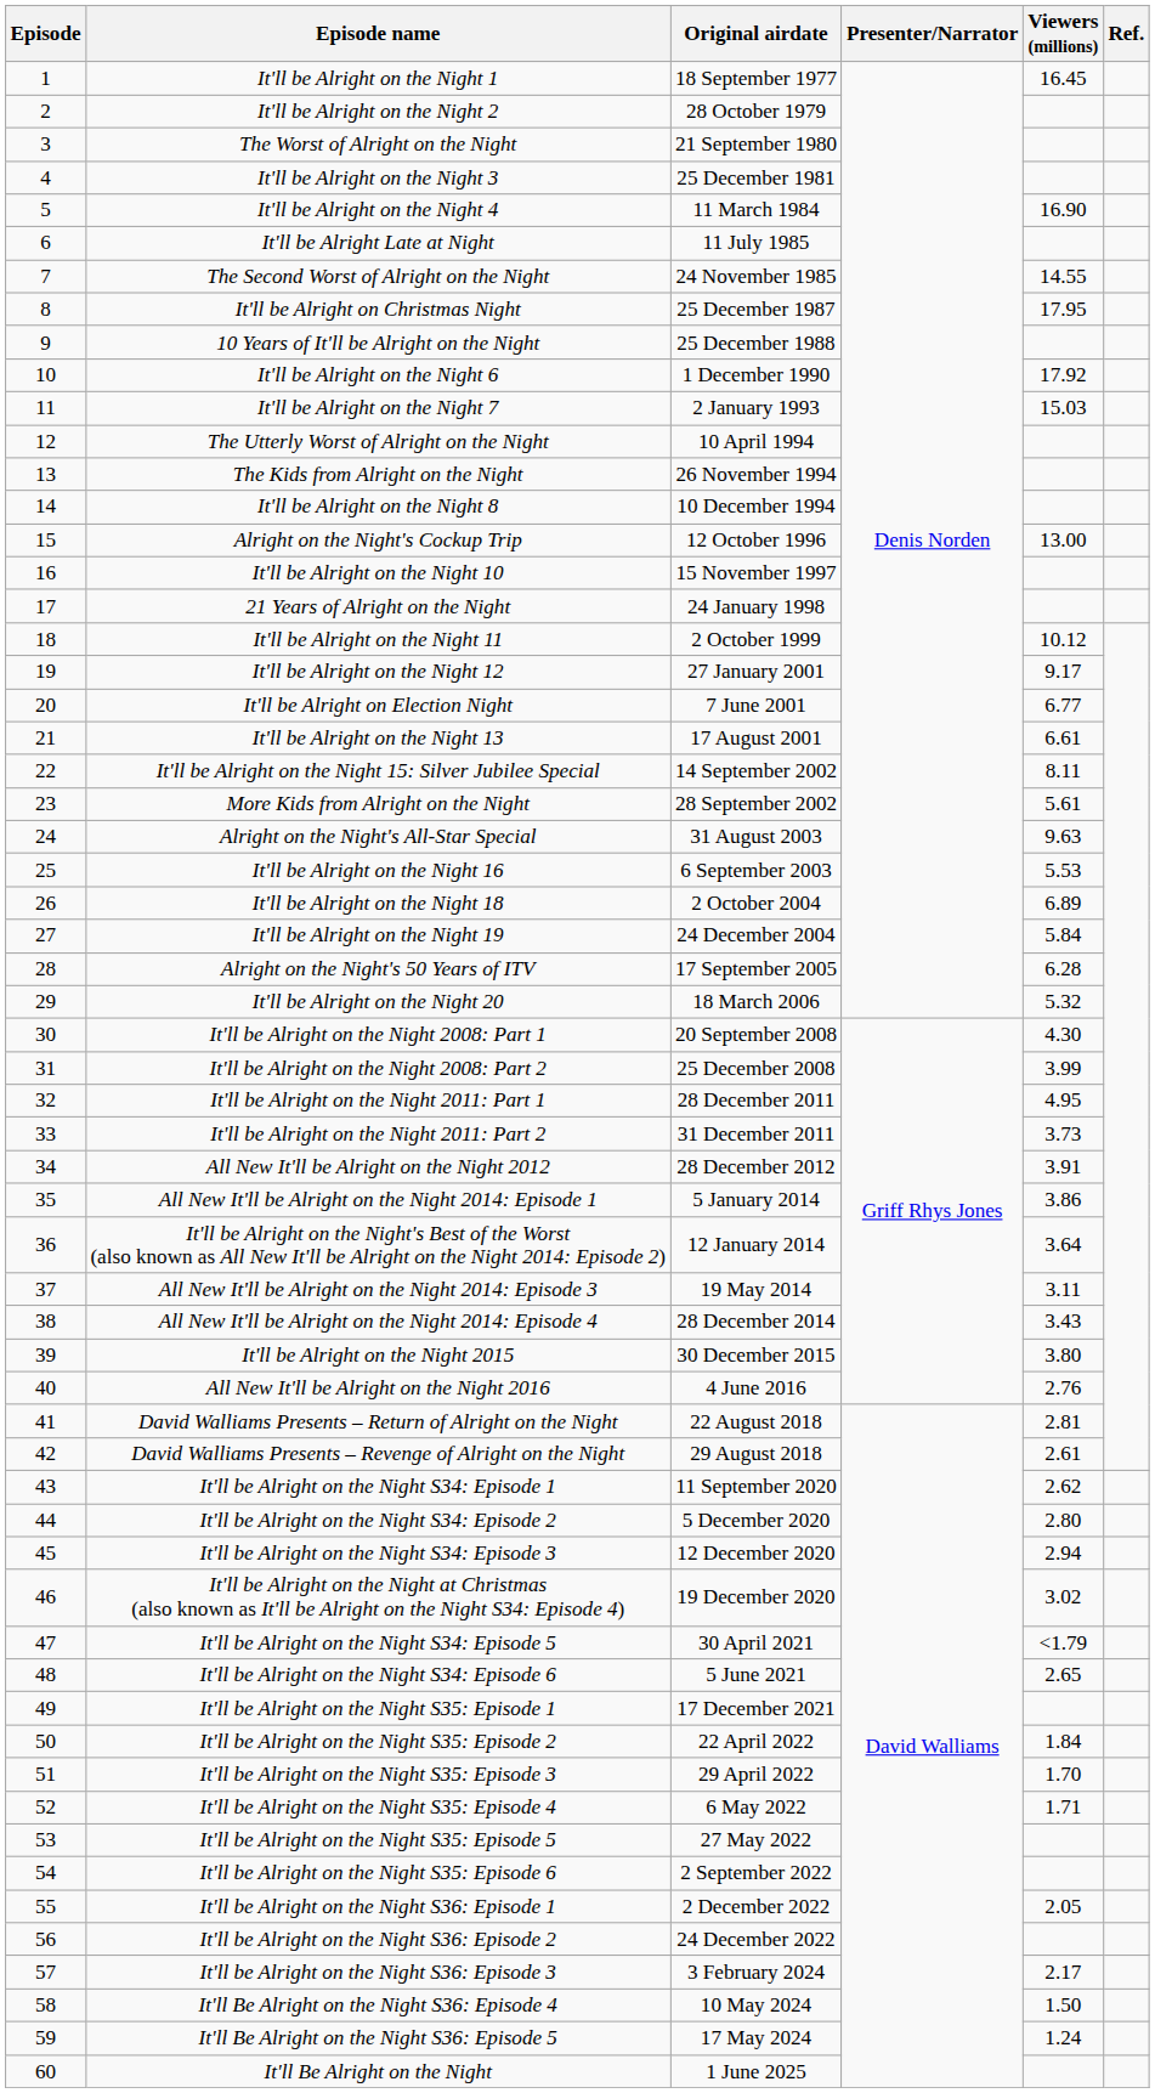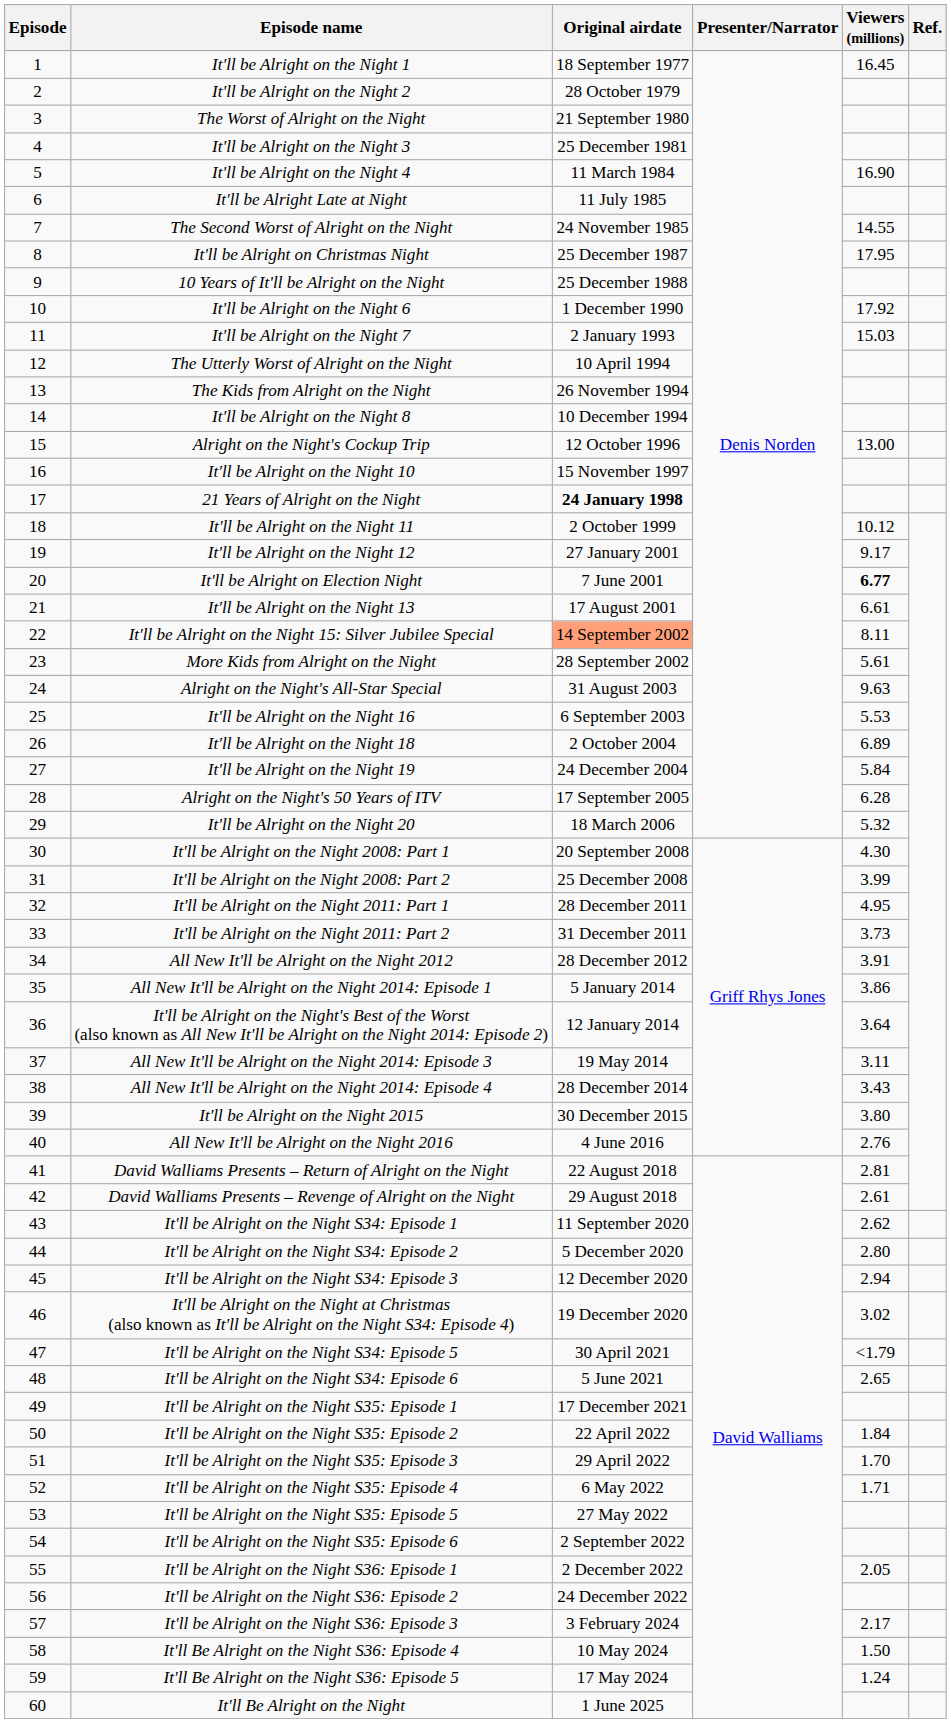 <table class="wikitable" style="text-align:center">
 <tr>
 <th>Episode</th>
 <th>Episode name</th>
 <th>Original airdate</th>
 <th>Presenter/Narrator</th>
 <th>Viewers<br><small>(millions)</small></th>
 <th>Ref.</th>
 </tr>
 <tr>
 <td>1</td>
 <td><em>It'll be Alright on the Night 1</em></td>
 <td>18 September 1977</td>
 <td rowspan="29"><a href='#'>Denis Norden</a></td>
 <td>16.45</td>
 <td align="center"></td>
 </tr>
 <tr>
 <td>2</td>
 <td><em>It'll be Alright on the Night 2</em></td>
 <td>28 October 1979</td>
 <td></td>
 <td></td>
 </tr>
 <tr>
 <td>3</td>
 <td><em>The Worst of Alright on the Night</em></td>
 <td>21 September 1980</td>
 <td></td>
 <td></td>
 </tr>
 <tr>
 <td>4</td>
 <td><em>It'll be Alright on the Night 3</em></td>
 <td>25 December 1981</td>
 <td></td>
 <td></td>
 </tr>
 <tr>
 <td>5</td>
 <td><em>It'll be Alright on the Night 4</em></td>
 <td>11 March 1984</td>
 <td>16.90</td>
 <td align="center"></td>
 </tr>
 <tr>
 <td>6</td>
 <td><em>It'll be Alright Late at Night</em></td>
 <td>11 July 1985</td>
 <td></td>
 <td></td>
 </tr>
 <tr>
 <td>7</td>
 <td><em>The Second Worst of Alright on the Night</em></td>
 <td>24 November 1985</td>
 <td>14.55</td>
 <td></td>
 </tr>
 <tr>
 <td>8</td>
 <td><em>It'll be Alright on Christmas Night</em></td>
 <td>25 December 1987</td>
 <td>17.95</td>
 <td align="center"></td>
 </tr>
 <tr>
 <td>9</td>
 <td><em>10 Years of It'll be Alright on the Night</em></td>
 <td>25 December 1988</td>
 <td></td>
 <td></td>
 </tr>
 <tr>
 <td>10</td>
 <td><em>It'll be Alright on the Night 6</em></td>
 <td>1 December 1990</td>
 <td>17.92</td>
 <td></td>
 </tr>
 <tr>
 <td>11</td>
 <td><em>It'll be Alright on the Night 7</em></td>
 <td>2 January 1993</td>
 <td>15.03</td>
 <td align="center"></td>
 </tr>
 <tr>
 <td>12</td>
 <td><em>The Utterly Worst of Alright on the Night</em></td>
 <td>10 April 1994</td>
 <td></td>
 <td></td>
 </tr>
 <tr>
 <td>13</td>
 <td><em>The Kids from Alright on the Night</em></td>
 <td>26 November 1994</td>
 <td></td>
 <td></td>
 </tr>
 <tr>
 <td>14</td>
 <td><em>It'll be Alright on the Night 8</em></td>
 <td>10 December 1994</td>
 <td></td>
 <td></td>
 </tr>
 <tr>
 <td>15</td>
 <td><em>Alright on the Night's Cockup Trip</em></td>
 <td>12 October 1996</td>
 <td>13.00</td>
 <td align="center"></td>
 </tr>
 <tr>
 <td>16</td>
 <td><em>It'll be Alright on the Night 10</em></td>
 <td>15 November 1997</td>
 <td></td>
 <td></td>
 </tr>
 <tr>
 <td>17</td>
 <td><em>21 Years of Alright on the Night</em></td>
-<td>24 January 1998</td>
+<td><strong>24 January 1998</strong></td>
 <td></td>
 <td></td>
 </tr>
 <tr>
 <td>18</td>
 <td><em>It'll be Alright on the Night 11</em></td>
 <td>2 October 1999</td>
 <td>10.12</td>
 <td align="center" rowspan=25></td>
 </tr>
 <tr>
 <td>19</td>
 <td><em>It'll be Alright on the Night 12</em></td>
 <td>27 January 2001</td>
 <td>9.17</td>
 </tr>
 <tr>
 <td>20</td>
 <td><em>It'll be Alright on Election Night</em></td>
 <td>7 June 2001</td>
-<td>6.77</td>
+<td><strong>6.77</strong></td>
 </tr>
 <tr>
 <td>21</td>
 <td><em>It'll be Alright on the Night 13</em></td>
 <td>17 August 2001</td>
 <td>6.61</td>
 </tr>
 <tr>
 <td>22</td>
 <td><em>It'll be Alright on the Night 15: Silver Jubilee Special</em></td>
-<td>14 September 2002</td>
+<td style="background: lightsalmon;">14 September 2002</td>
 <td>8.11</td>
 </tr>
 <tr>
 <td>23</td>
 <td><em>More Kids from Alright on the Night</em></td>
 <td>28 September 2002</td>
 <td>5.61</td>
 </tr>
 <tr>
 <td>24</td>
 <td><em>Alright on the Night's All-Star Special</em></td>
 <td>31 August 2003</td>
 <td>9.63</td>
 </tr>
 <tr>
 <td>25</td>
 <td><em>It'll be Alright on the Night 16</em></td>
 <td>6 September 2003</td>
 <td>5.53</td>
 </tr>
 <tr>
 <td>26</td>
 <td><em>It'll be Alright on the Night 18</em></td>
 <td>2 October 2004</td>
 <td>6.89</td>
 </tr>
 <tr>
 <td>27</td>
 <td><em>It'll be Alright on the Night 19</em></td>
 <td>24 December 2004</td>
 <td>5.84</td>
 </tr>
 <tr>
 <td>28</td>
 <td><em>Alright on the Night's 50 Years of ITV</em></td>
 <td>17 September 2005</td>
 <td>6.28</td>
 </tr>
 <tr>
 <td>29</td>
 <td><em>It'll be Alright on the Night 20</em></td>
 <td>18 March 2006</td>
 <td>5.32</td>
 </tr>
 <tr>
 <td>30</td>
 <td><em>It'll be Alright on the Night 2008: Part 1</em></td>
 <td>20 September 2008</td>
 <td rowspan=11><a href='#'>Griff Rhys Jones</a></td>
 <td>4.30</td>
 </tr>
 <tr>
 <td>31</td>
 <td><em>It'll be Alright on the Night 2008: Part 2</em></td>
 <td>25 December 2008</td>
 <td>3.99</td>
 </tr>
 <tr>
 <td>32</td>
 <td><em>It'll be Alright on the Night 2011: Part 1</em></td>
 <td>28 December 2011</td>
 <td>4.95</td>
 </tr>
 <tr>
 <td>33</td>
 <td><em>It'll be Alright on the Night 2011: Part 2</em></td>
 <td>31 December 2011</td>
 <td>3.73</td>
 </tr>
 <tr>
 <td>34</td>
 <td><em>All New It'll be Alright on the Night 2012</em></td>
 <td>28 December 2012</td>
 <td>3.91</td>
 </tr>
 <tr>
 <td>35</td>
 <td><em>All New It'll be Alright on the Night 2014: Episode 1</em></td>
 <td>5 January 2014</td>
 <td>3.86</td>
 </tr>
 <tr>
 <td>36</td>
 <td><em>It'll be Alright on the Night's Best of the Worst</em><br>(also known as <em>All New It'll be Alright on the Night 2014: Episode 2</em>)</td>
 <td>12 January 2014</td>
 <td>3.64</td>
 </tr>
 <tr>
 <td>37</td>
 <td><em>All New It'll be Alright on the Night 2014: Episode 3</em></td>
 <td>19 May 2014</td>
 <td>3.11</td>
 </tr>
 <tr>
 <td>38</td>
 <td><em>All New It'll be Alright on the Night 2014: Episode 4</em></td>
 <td>28 December 2014</td>
 <td>3.43</td>
 </tr>
 <tr>
 <td>39</td>
 <td><em>It'll be Alright on the Night 2015</em></td>
 <td>30 December 2015</td>
 <td>3.80</td>
 </tr>
 <tr>
 <td>40</td>
 <td><em>All New It'll be Alright on the Night 2016</em></td>
 <td>4 June 2016</td>
 <td>2.76</td>
 </tr>
 <tr>
 <td>41</td>
 <td><em>David Walliams Presents – Return of Alright on the Night</em></td>
 <td>22 August 2018</td>
 <td rowspan="20"><a href='#'>David Walliams</a></td>
 <td>2.81</td>
 </tr>
 <tr>
 <td>42</td>
 <td><em>David Walliams Presents – Revenge of Alright on the Night</em></td>
 <td>29 August 2018</td>
 <td>2.61</td>
 </tr>
 <tr>
 <td>43</td>
 <td><em>It'll be Alright on the Night S34: Episode 1</em></td>
 <td>11 September 2020</td>
 <td>2.62</td>
 <td></td>
 </tr>
 <tr>
 <td>44</td>
 <td><em>It'll be Alright on the Night S34: Episode 2</em></td>
 <td>5 December 2020</td>
 <td>2.80</td>
 <td></td>
 </tr>
 <tr>
 <td>45</td>
 <td><em>It'll be Alright on the Night S34: Episode 3</em></td>
 <td>12 December 2020</td>
 <td>2.94</td>
 <td></td>
 </tr>
 <tr>
 <td>46</td>
 <td><em>It'll be Alright on the Night at Christmas</em><br>(also known as <em>It'll be Alright on the Night S34: Episode 4</em>)</td>
 <td>19 December 2020</td>
 <td>3.02</td>
 <td align="center"></td>
 </tr>
 <tr>
 <td>47</td>
 <td><em>It'll be Alright on the Night S34: Episode 5</em></td>
 <td>30 April 2021</td>
 <td><1.79</td>
 <td></td>
 </tr>
 <tr>
 <td>48</td>
 <td><em>It'll be Alright on the Night S34: Episode 6</em></td>
 <td>5 June 2021</td>
 <td>2.65</td>
 <td></td>
 </tr>
 <tr>
 <td>49</td>
 <td><em>It'll be Alright on the Night S35: Episode 1</em></td>
 <td>17 December 2021</td>
 <td></td>
 </tr>
 <tr>
 <td>50</td>
 <td><em>It'll be Alright on the Night S35: Episode 2</em></td>
 <td>22 April 2022</td>
 <td>1.84</td>
 <td></td>
 </tr>
 <tr>
 <td>51</td>
 <td><em>It'll be Alright on the Night S35: Episode 3</em></td>
 <td>29 April 2022</td>
 <td>1.70</td>
 <td></td>
 </tr>
 <tr>
 <td>52</td>
 <td><em>It'll be Alright on the Night S35: Episode 4</em></td>
 <td>6 May 2022</td>
 <td>1.71</td>
 <td></td>
 </tr>
 <tr>
 <td>53</td>
 <td><em>It'll be Alright on the Night S35: Episode 5</em></td>
 <td>27 May 2022</td>
 <td></td>
 <td></td>
 </tr>
 <tr>
 <td>54</td>
 <td><em>It'll be Alright on the Night S35: Episode 6</em></td>
 <td>2 September 2022</td>
 <td></td>
 <td></td>
 </tr>
 <tr>
 <td>55</td>
 <td><em>It'll be Alright on the Night S36: Episode 1</em></td>
 <td>2 December 2022</td>
 <td>2.05</td>
 <td></td>
 </tr>
 <tr>
 <td>56</td>
 <td><em>It'll be Alright on the Night S36: Episode 2</em></td>
 <td>24 December 2022</td>
 <td></td>
 <td></td>
 </tr>
 <tr>
 <td>57</td>
 <td><em>It'll be Alright on the Night S36: Episode 3</em></td>
 <td>3 February 2024</td>
 <td>2.17</td>
 <td></td>
 </tr>
 <tr>
 <td>58</td>
 <td><em>It'll Be Alright on the Night S36: Episode 4</em></td>
 <td>10 May 2024</td>
 <td>1.50</td>
 <td></td>
 </tr>
 <tr>
 <td>59</td>
 <td><em>It'll Be Alright on the Night S36: Episode 5</em></td>
 <td>17 May 2024</td>
 <td>1.24</td>
 <td></td>
 </tr>
 <tr>
 <td>60</td>
 <td><em>It'll Be Alright on the Night</em></td>
 <td>1 June 2025</td>
 <td></td>
 </tr>
 </table>
